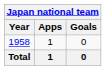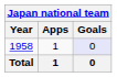 <table class="wikitable" style="text-align:center">
 <tr>
 <th colspan=3><a href='#'>Japan national team</a></th>
 </tr>
 <tr>
 <th>Year</th>
 <th>Apps</th>
 <th>Goals</th>
 </tr>
 <tr>
 <td><a href='#'>1958</a></td>
 <td>1</td>
-<td>0</td>
+<td style="background: lavender;">0</td>
 </tr>
 <tr>
 <th>Total</th>
 <th>1</th>
 <th>0</th>
 </tr>
 </table>
